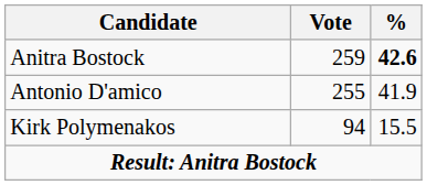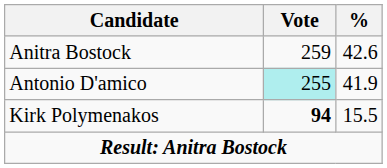 <table class="wikitable">
 <tr>
 <th bgcolor="#DDDDFF" width="200px">Candidate</th>
 <th bgcolor="#DDDDFF" width="50px">Vote</th>
 <th bgcolor="#DDDDFF"  width="30px">%</th>
 </tr>
 <tr>
 <td>Anitra Bostock</td>
 <td align="right">259</td>
-<td align="right"><strong>42.6</strong></td>
+<td align="right">42.6</td>
 </tr>
 <tr>
 <td>Antonio D'amico</td>
-<td align="right">255</td>
+<td align="right" style="background: paleturquoise;">255</td>
 <td align="right">41.9</td>
 </tr>
 <tr>
 <td>Kirk Polymenakos</td>
-<td align="right">94</td>
+<td align="right"><strong>94</strong></td>
 <td align="right">15.5</td>
 </tr>
 <tr>
 <td colspan=5 align="center"><strong><em>Result: Anitra Bostock</em></strong></td>
 </tr>
 </table>
